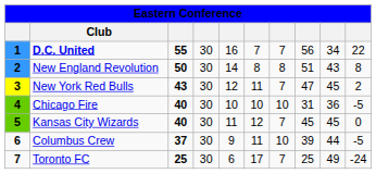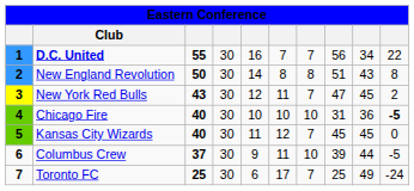 <table class="wikitable">
 <tr>
 <td colspan="10"  style="text-align:center; background:blue;"><span><strong>Eastern Conference</strong></span></td>
 </tr>
 <tr>
 <th width=28></th>
 <th width=185>Club</th>
 <th width=28></th>
 <th width=28></th>
 <th width=28></th>
 <th width=28></th>
 <th width=28></th>
 <th width=28></th>
 <th width=28></th>
 <th width=28></th>
 </tr>
 <tr>
 <td style="background:#39f; text-align:center;"><strong>1</strong></td>
 <td><strong><a href='#'>D.C. United</a></strong></td>
 <td align=center><strong>55</strong></td>
 <td align=center>30</td>
 <td align=center>16</td>
 <td align=center>7</td>
 <td align=center>7</td>
 <td align=center>56</td>
 <td align=center>34</td>
 <td align=center>22</td>
 </tr>
 <tr>
 <td style="background:#39f; text-align:center;"><strong>2</strong></td>
 <td><a href='#'>New England Revolution</a></td>
 <td align=center><strong>50</strong></td>
 <td align=center>30</td>
 <td align=center>14</td>
 <td align=center>8</td>
 <td align=center>8</td>
 <td align=center>51</td>
 <td align=center>43</td>
 <td align=center>8</td>
 </tr>
 <tr>
 <td style="background:#ff0; text-align:center;"><strong>3</strong></td>
 <td><a href='#'>New York Red Bulls</a></td>
 <td align=center><strong>43</strong></td>
 <td align=center>30</td>
 <td align=center>12</td>
 <td align=center>11</td>
 <td align=center>7</td>
 <td align=center>47</td>
 <td align=center>45</td>
 <td align=center>2</td>
 </tr>
 <tr>
 <td style="background:#6c0; text-align:center;"><strong>4</strong></td>
 <td><a href='#'>Chicago Fire</a></td>
 <td align=center><strong>40</strong></td>
 <td align=center>30</td>
 <td align=center>10</td>
 <td align=center>10</td>
 <td align=center>10</td>
 <td align=center>31</td>
 <td align=center>36</td>
-<td align=center>-5</td>
+<td align=center><strong>-5</strong></td>
 </tr>
 <tr>
 <td style="background:#6c0; text-align:center;"><strong>5</strong></td>
 <td><a href='#'>Kansas City Wizards</a></td>
 <td align=center><strong>40</strong></td>
 <td align=center>30</td>
 <td align=center>11</td>
 <td align=center>12</td>
 <td align=center>7</td>
 <td align=center>45</td>
 <td align=center>45</td>
 <td align=center>0</td>
 </tr>
 <tr>
 <td align=center><strong>6</strong></td>
 <td><a href='#'>Columbus Crew</a></td>
 <td align=center><strong>37</strong></td>
 <td align=center>30</td>
 <td align=center>9</td>
 <td align=center>11</td>
 <td align=center>10</td>
 <td align=center>39</td>
 <td align=center>44</td>
 <td align=center>-5</td>
 </tr>
 <tr>
 <td align=center><strong>7</strong></td>
 <td><a href='#'>Toronto FC</a></td>
 <td align=center><strong>25</strong></td>
 <td align=center>30</td>
 <td align=center>6</td>
 <td align=center>17</td>
 <td align=center>7</td>
 <td align=center>25</td>
 <td align=center>49</td>
 <td align=center>-24</td>
 </tr>
 </table>
